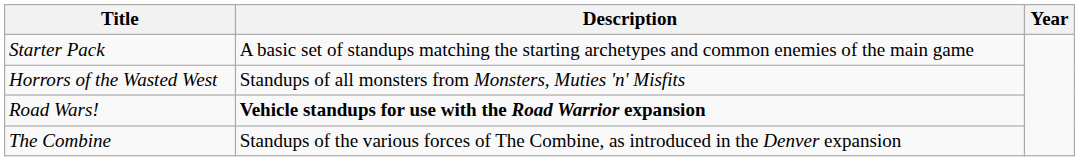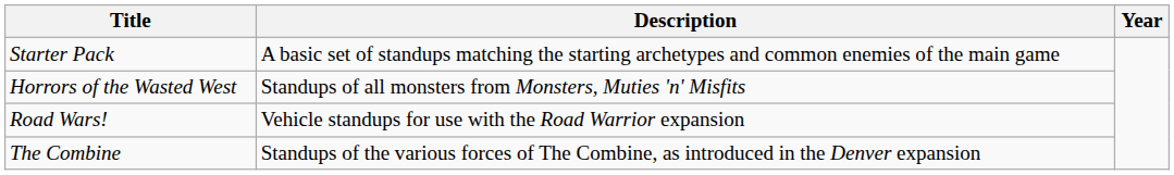 <table class="wikitable" style="width: 900px">
 <tr>
 <th>Title</th>
 <th>Description</th>
 <th>Year</th>
 </tr>
 <tr>
 <td><em>Starter Pack</em></td>
 <td>A basic set of standups matching the starting archetypes and common enemies of the main game</td>
 </tr>
 <tr>
 <td><em>Horrors of the Wasted West</em></td>
 <td>Standups of all monsters from <em>Monsters, Muties 'n' Misfits</em></td>
 </tr>
 <tr>
 <td><em>Road Wars!</em></td>
-<td><strong>Vehicle standups for use with the <em>Road Warrior</em> expansion</strong></td>
+<td>Vehicle standups for use with the <em>Road Warrior</em> expansion</td>
 </tr>
 <tr>
 <td><em>The Combine</em></td>
 <td>Standups of the various forces of The Combine, as introduced in the <em>Denver</em> expansion</td>
 </tr>
 </table>
